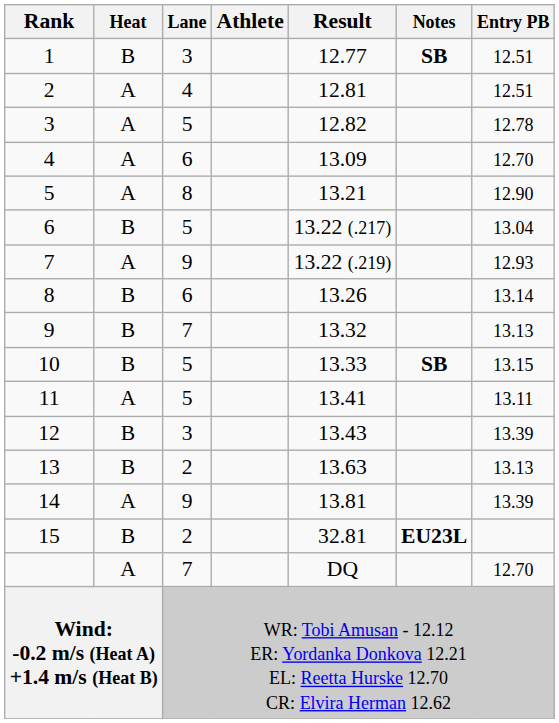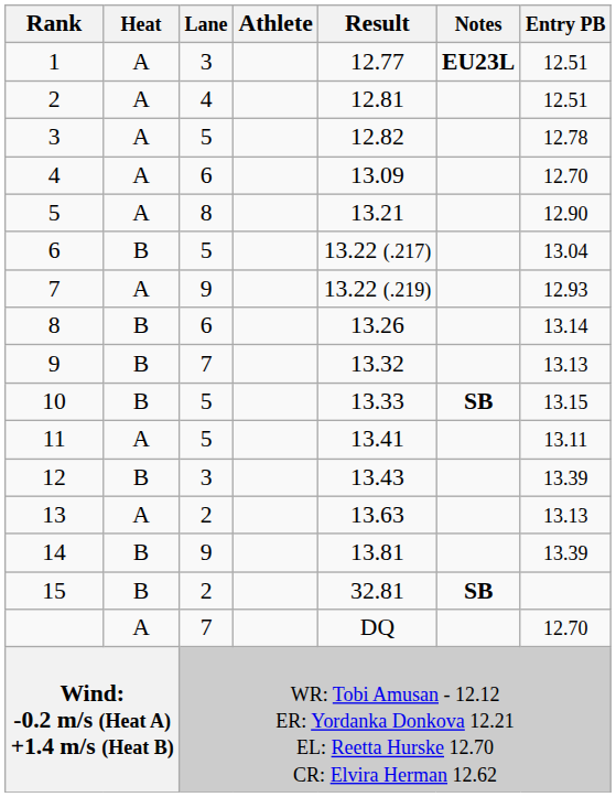 <table class="wikitable sortable" style="text-align:center;">
 <tr>
 <th>Rank</th>
 <th><small>Heat</small></th>
 <th><small>Lane</small></th>
 <th>Athlete</th>
 <th>Result</th>
 <th><small>Notes</small></th>
 <th><small>Entry PB</small></th>
 </tr>
 <tr>
 <td>1</td>
-<td>B</td>
+<td>A</td>
 <td>3</td>
 <td align=left></td>
 <td>12.77</td>
-<td><strong>SB</strong></td>
+<td> <strong>EU23L</strong></td>
 <td><small>12.51</small></td>
 </tr>
 <tr>
 <td>2</td>
 <td>A</td>
 <td>4</td>
 <td align=left></td>
 <td>12.81</td>
 <td></td>
 <td><small>12.51</small></td>
 </tr>
 <tr>
 <td>3</td>
 <td>A</td>
 <td>5</td>
 <td align=left></td>
 <td>12.82</td>
 <td></td>
 <td><small>12.78</small></td>
 </tr>
 <tr>
 <td>4</td>
 <td>A</td>
 <td>6</td>
 <td align=left></td>
 <td>13.09</td>
 <td></td>
 <td><small>12.70</small></td>
 </tr>
 <tr>
 <td>5</td>
 <td>A</td>
 <td>8</td>
 <td align=left></td>
 <td>13.21</td>
 <td></td>
 <td><small>12.90</small></td>
 </tr>
 <tr>
 <td>6</td>
 <td>B</td>
 <td>5</td>
 <td align=left></td>
 <td>13.22 <small>(.217)</small></td>
 <td></td>
 <td><small>13.04</small></td>
 </tr>
 <tr>
 <td>7</td>
 <td>A</td>
 <td>9</td>
 <td align=left></td>
 <td>13.22 <small>(.219)</small></td>
 <td></td>
 <td><small>12.93</small></td>
 </tr>
 <tr>
 <td>8</td>
 <td>B</td>
 <td>6</td>
 <td align=left></td>
 <td>13.26</td>
 <td></td>
 <td><small>13.14</small></td>
 </tr>
 <tr>
 <td>9</td>
 <td>B</td>
 <td>7</td>
 <td align=left></td>
 <td>13.32</td>
 <td></td>
 <td><small>13.13</small></td>
 </tr>
 <tr>
 <td>10</td>
 <td>B</td>
 <td>5</td>
 <td align=left></td>
 <td>13.33</td>
 <td><strong>SB</strong></td>
 <td><small>13.15</small></td>
 </tr>
 <tr>
 <td>11</td>
 <td>A</td>
 <td>5</td>
 <td align=left></td>
 <td>13.41</td>
 <td></td>
 <td><small>13.11</small></td>
 </tr>
 <tr>
 <td>12</td>
 <td>B</td>
 <td>3</td>
 <td align=left></td>
 <td>13.43</td>
 <td></td>
 <td><small>13.39</small></td>
 </tr>
 <tr>
 <td>13</td>
-<td>B</td>
+<td>A</td>
 <td>2</td>
 <td align=left></td>
 <td>13.63</td>
 <td></td>
 <td><small>13.13</small></td>
 </tr>
 <tr>
 <td>14</td>
-<td>A</td>
+<td>B</td>
 <td>9</td>
 <td align=left></td>
 <td>13.81</td>
 <td></td>
 <td><small>13.39</small></td>
 </tr>
 <tr>
 <td>15</td>
 <td>B</td>
 <td>2</td>
 <td align=left></td>
 <td>32.81</td>
-<td> <strong>EU23L</strong></td>
+<td><strong>SB</strong></td>
 <td></td>
 </tr>
 <tr>
 <td></td>
 <td>A</td>
 <td>7</td>
 <td align=left></td>
 <td>DQ</td>
 <td></td>
 <td><small>12.70</small></td>
 </tr>
 <tr class="sortbottom">
 <th colspan="2" align="left">Wind:<br>-0.2 m/s <small>(Heat A)</small><br>+1.4 m/s <small>(Heat B)</small></th>
 <td colspan="5" bgcolor="#cccccc"><br> <small>WR:   <a href='#'>Tobi Amusan</a> - 12.12<br>ER:  <a href='#'>Yordanka Donkova</a> 12.21<br></small> <small>EL:   <a href='#'>Reetta Hurske</a> 12.70<br>CR:  <a href='#'>Elvira Herman</a> 12.62</small></td>
 </tr>
 </table>
